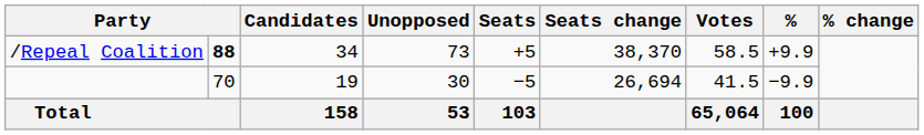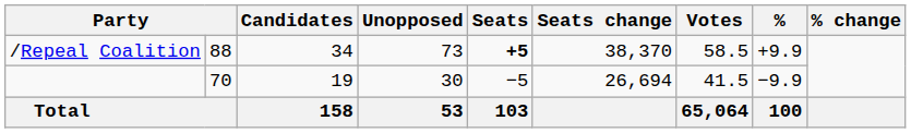 <table class="wikitable sortable">
 <tr>
 <th colspan=2>Party</th>
 <th>Candidates</th>
 <th>Unopposed</th>
 <th>Seats</th>
 <th>Seats change</th>
 <th>Votes</th>
 <th>%</th>
 <th>% change</th>
 </tr>
 <tr>
 <td>/<a href='#'>Repeal</a> <a href='#'>Coalition</a></td>
-<td align=right><strong>88</strong></td>
+<td align=right>88</td>
 <td align=right>34</td>
 <td align=right>73</td>
-<td align=right>+5</td>
+<td align=right><strong>+5</strong></td>
 <td align=right>38,370</td>
 <td align=right>58.5</td>
 <td align=right>+9.9</td>
 </tr>
 <tr>
 <td></td>
 <td align=right>70</td>
 <td align=right>19</td>
 <td align=right>30</td>
 <td align=right>−5</td>
 <td align=right>26,694</td>
 <td align=right>41.5</td>
 <td align=right>−9.9</td>
 </tr>
 <tr class="sortbottom" style="font-weight: bold; text-align: right; background: #f2f2f2;">
 <th colspan="2" style="padding-left: 1.5em; text-align: left;">Total</th>
 <td align=right>158</td>
 <td align=right>53</td>
 <td align=right>103</td>
 <td align=right></td>
 <td align=right>65,064</td>
 <td align=right>100</td>
 <td align=right></td>
 </tr>
 </table>
